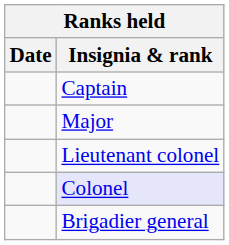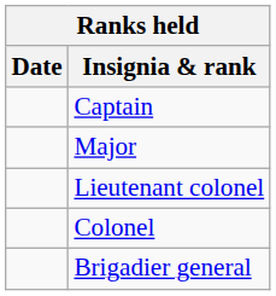 <table class="wikitable floatleft sortable">
 <tr>
 <th colspan=3>Ranks held</th>
 </tr>
 <tr>
 <th>Date</th>
 <th>Insignia & rank</th>
 </tr>
 <tr>
 <td></td>
 <td data-sort-value=3><a href='#'>Captain</a></td>
 </tr>
 <tr>
 <td></td>
 <td data-sort-value=4><a href='#'>Major</a></td>
 </tr>
 <tr>
 <td></td>
 <td data-sort-value=5><a href='#'>Lieutenant colonel</a></td>
 </tr>
 <tr>
 <td></td>
-<td data-sort-value=6 style="background: lavender;"><a href='#'>Colonel</a></td>
+<td data-sort-value=6><a href='#'>Colonel</a></td>
 </tr>
 <tr>
 <td></td>
 <td data-sort-value=7><a href='#'>Brigadier general</a></td>
 </tr>
 </table>
